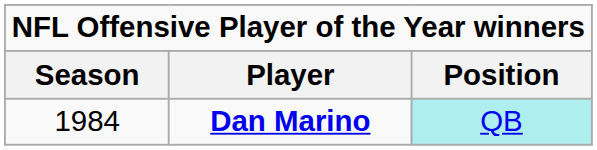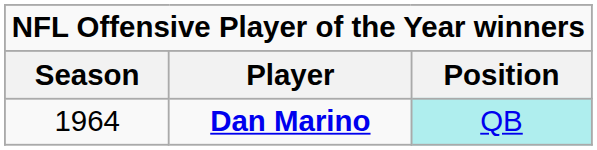 <table class="wikitable" style="text-align:center">
 <tr>
 <td colspan="3"><strong>NFL Offensive Player of the Year winners</strong></td>
 </tr>
 <tr>
 <th>Season</th>
 <th>Player</th>
 <th>Position</th>
 </tr>
 <tr>
-<td>1984</td>
+<td>1964</td>
 <td><strong><a href='#'>Dan Marino</a></strong></td>
 <td style="background: paleturquoise;"><a href='#'>QB</a></td>
 </tr>
 </table>
